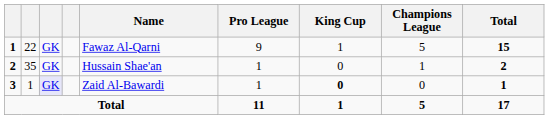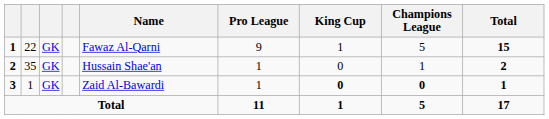 <table class="wikitable" style="text-align:center">
 <tr>
 <th width=15></th>
 <th width=15></th>
 <th width=15></th>
 <th width=15></th>
 <th width=175>Name</th>
 <th width=100>Pro League</th>
 <th width=100>King Cup</th>
 <th width=100>Champions League</th>
 <th width=100>Total</th>
 </tr>
 <tr>
 <td><strong>1</strong></td>
 <td>22</td>
 <td><a href='#'>GK</a></td>
 <td></td>
 <td align=left><a href='#'>Fawaz Al-Qarni</a></td>
 <td>9</td>
 <td>1</td>
 <td>5</td>
 <td><strong>15</strong></td>
 </tr>
 <tr>
 <td><strong>2</strong></td>
 <td>35</td>
 <td><a href='#'>GK</a></td>
 <td></td>
 <td align=left><a href='#'>Hussain Shae'an</a></td>
 <td>1</td>
 <td>0</td>
 <td>1</td>
 <td><strong>2</strong></td>
 </tr>
 <tr>
 <td><strong>3</strong></td>
 <td>1</td>
-<td style="background: lavender;"><a href='#'>GK</a></td>
+<td><a href='#'>GK</a></td>
 <td></td>
 <td align=left><a href='#'>Zaid Al-Bawardi</a></td>
 <td>1</td>
 <td><strong>0</strong></td>
-<td>0</td>
+<td><strong>0</strong></td>
 <td><strong>1</strong></td>
 </tr>
 <tr>
 <td colspan=5><strong>Total</strong></td>
 <td><strong>11</strong></td>
 <td><strong>1</strong></td>
 <td><strong>5</strong></td>
 <td><strong>17</strong></td>
 </tr>
 </table>
